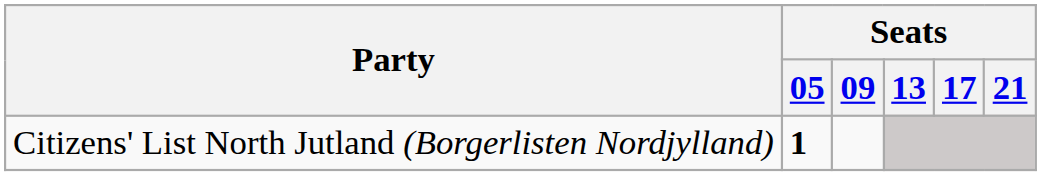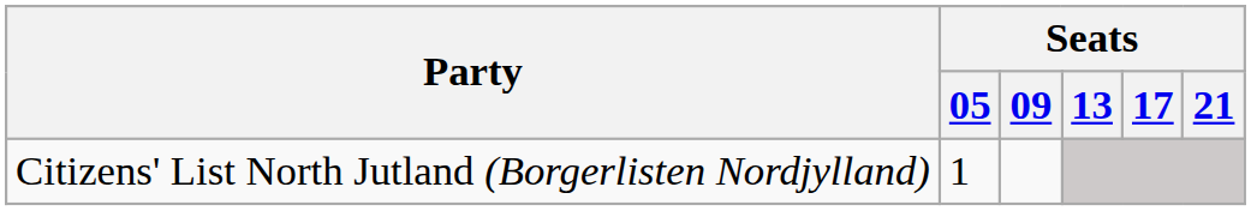 <table class="wikitable">
 <tr>
 <th rowspan=2>Party</th>
 <th colspan=11>Seats</th>
 </tr>
 <tr>
 <th><a href='#'>05</a></th>
 <th><a href='#'>09</a></th>
 <th><a href='#'>13</a></th>
 <th><a href='#'>17</a></th>
 <th><a href='#'>21</a></th>
 </tr>
 <tr>
 <td>Citizens' List North Jutland <em>(Borgerlisten Nordjylland)</em></td>
-<td><strong>1</strong></td>
+<td>1</td>
 <td></td>
 <td style="background:#CDC9C9;" colspan=3></td>
 </tr>
 </table>
